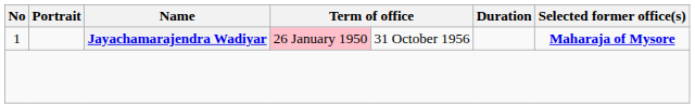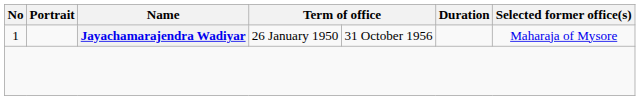 <table class="wikitable">
 <tr>
 <th>No</th>
 <th>Portrait</th>
 <th>Name</th>
 <th colspan=2>Term of office</th>
 <th scope=col>Duration</th>
 <th>Selected former office(s)</th>
 </tr>
 <tr align=center>
 <td>1</td>
 <td></td>
 <th><a href='#'>Jayachamarajendra Wadiyar</a></th>
-<td style="background: pink;">26 January 1950</td>
+<td>26 January 1950</td>
 <td>31 October 1956</td>
 <td></td>
-<td><strong><a href='#'>Maharaja of Mysore</a></strong></td>
+<td><a href='#'>Maharaja of Mysore</a></td>
 </tr>
 <tr align=center style="height: 60px;">
 </tr>
 </table>
